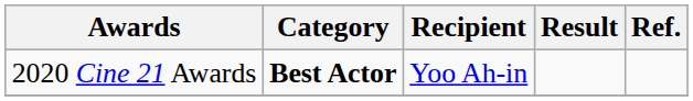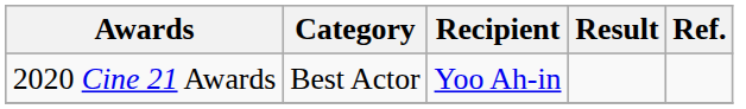 <table class="wikitable">
 <tr>
 <th>Awards</th>
 <th>Category</th>
 <th>Recipient</th>
 <th>Result</th>
 <th>Ref.</th>
 </tr>
 <tr>
 <td>2020 <em><a href='#'>Cine 21</a></em> Awards</td>
-<td><strong>Best Actor</strong></td>
+<td>Best Actor</td>
 <td><a href='#'>Yoo Ah-in</a></td>
 <td></td>
 <td></td>
 </tr>
 <tr>
 </tr>
 </table>
